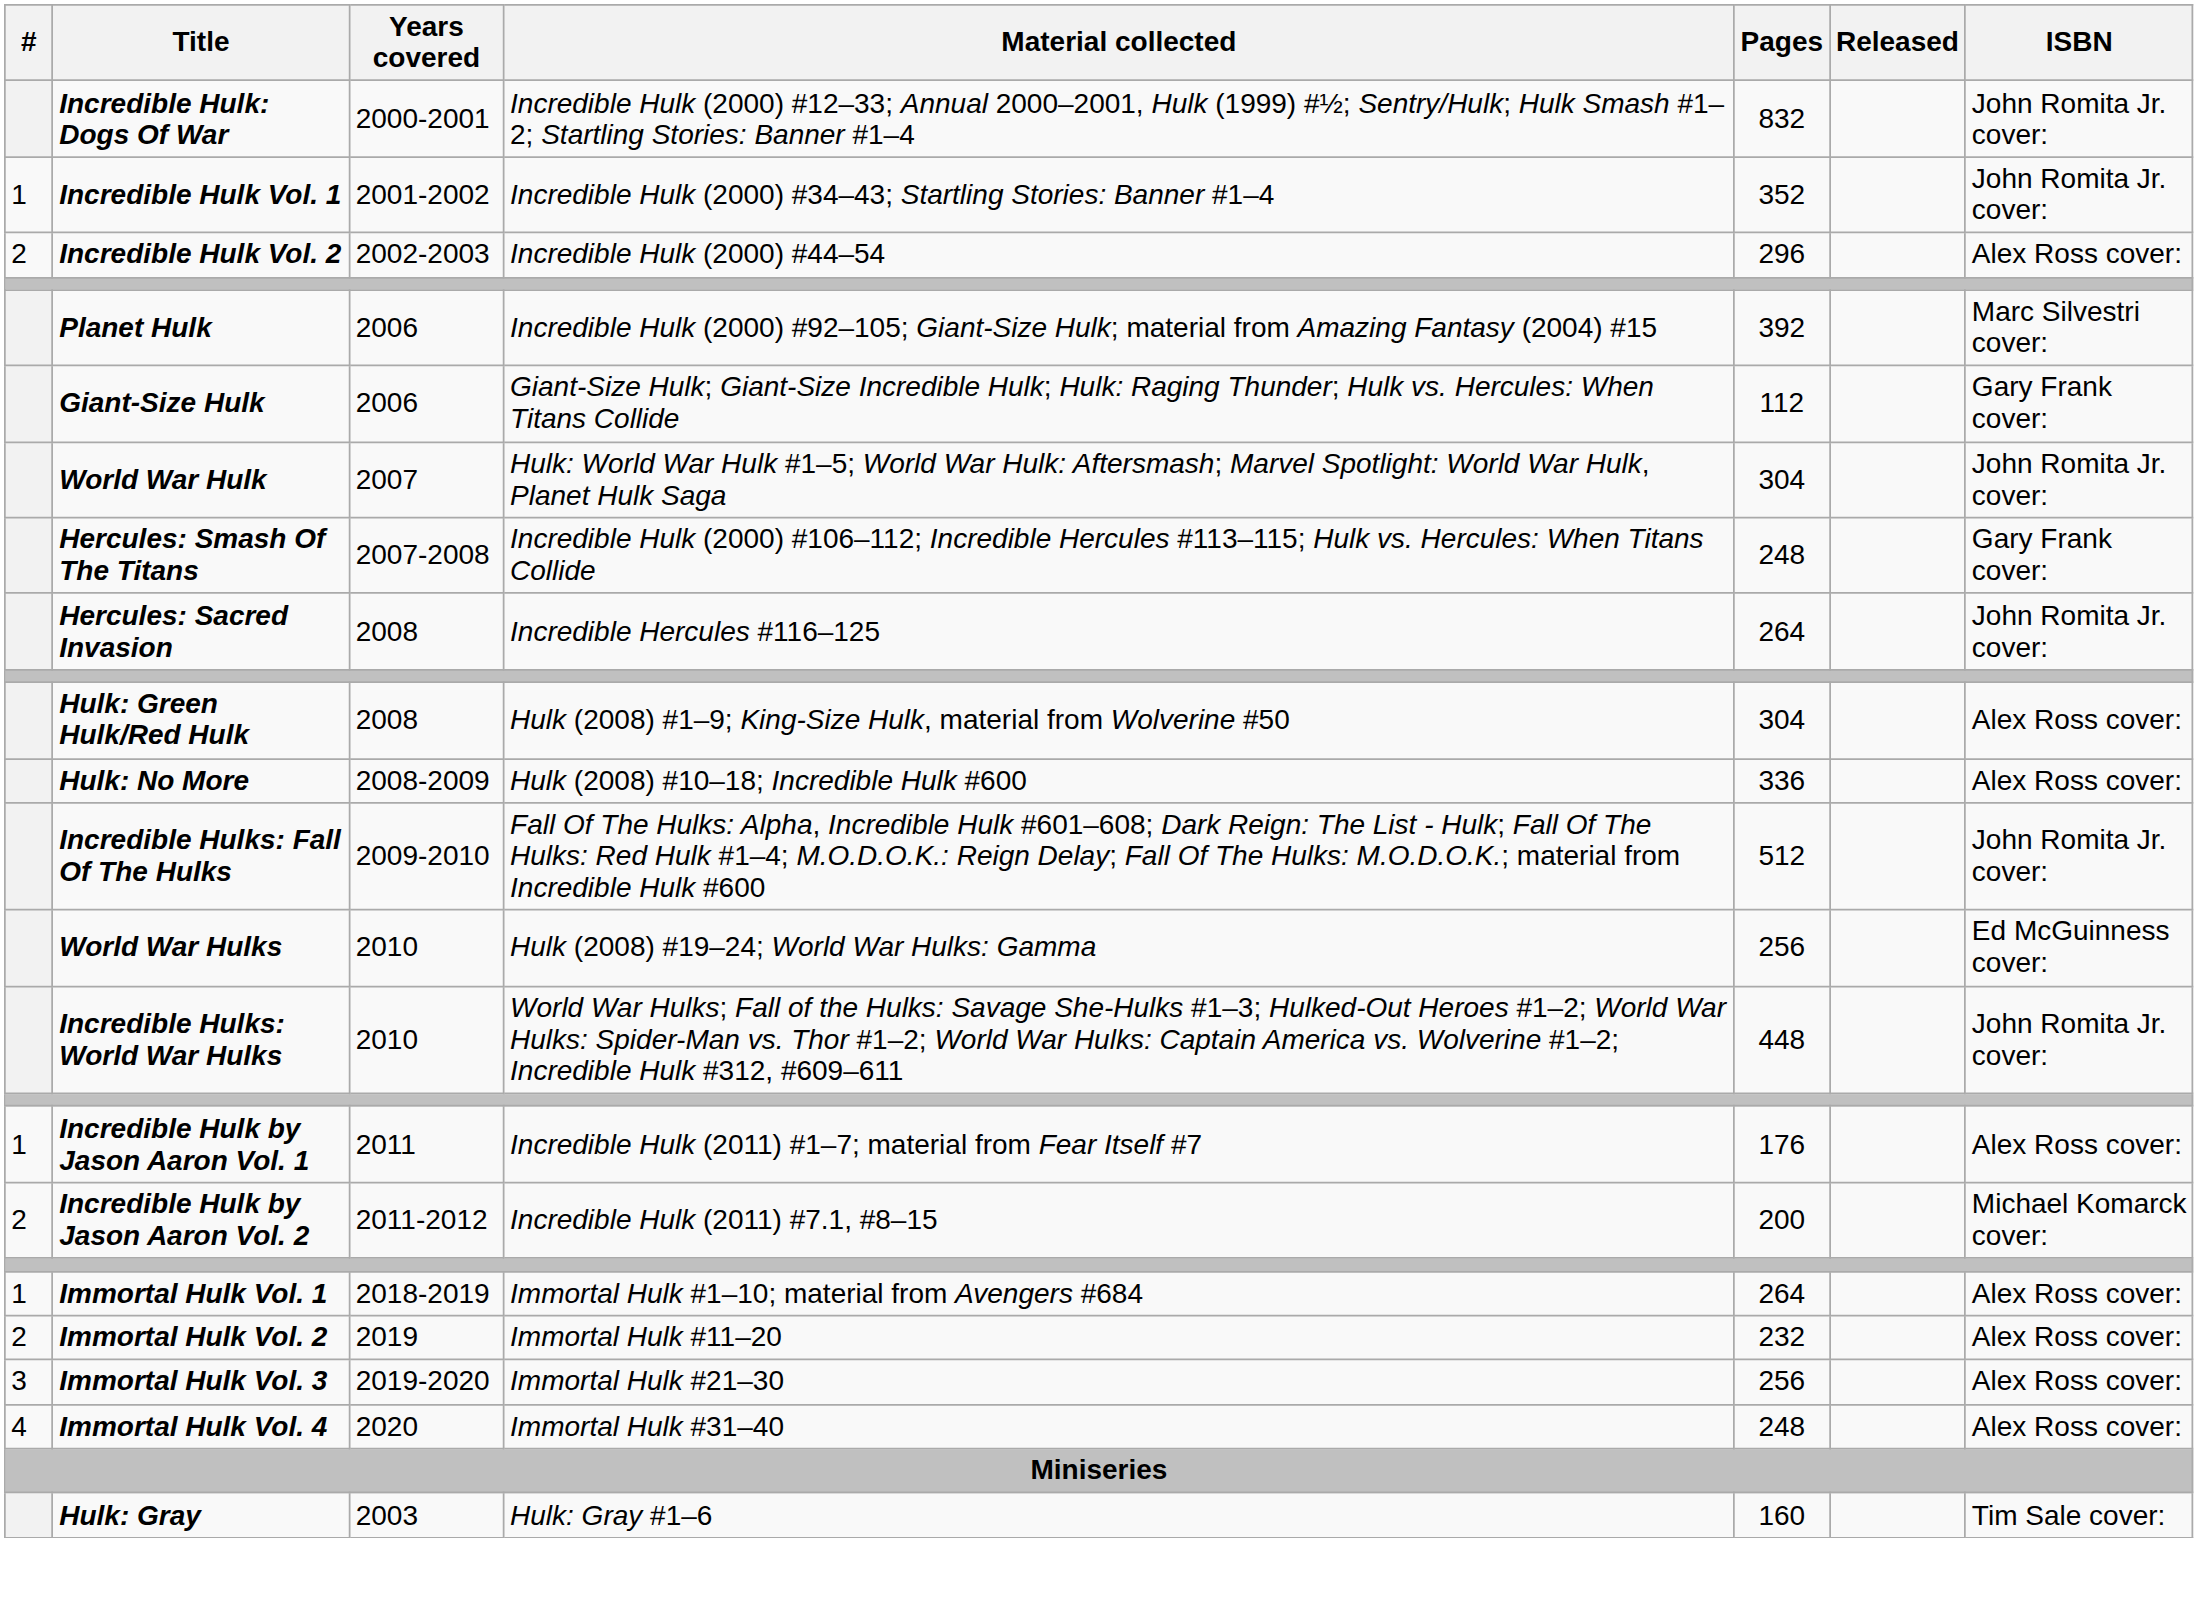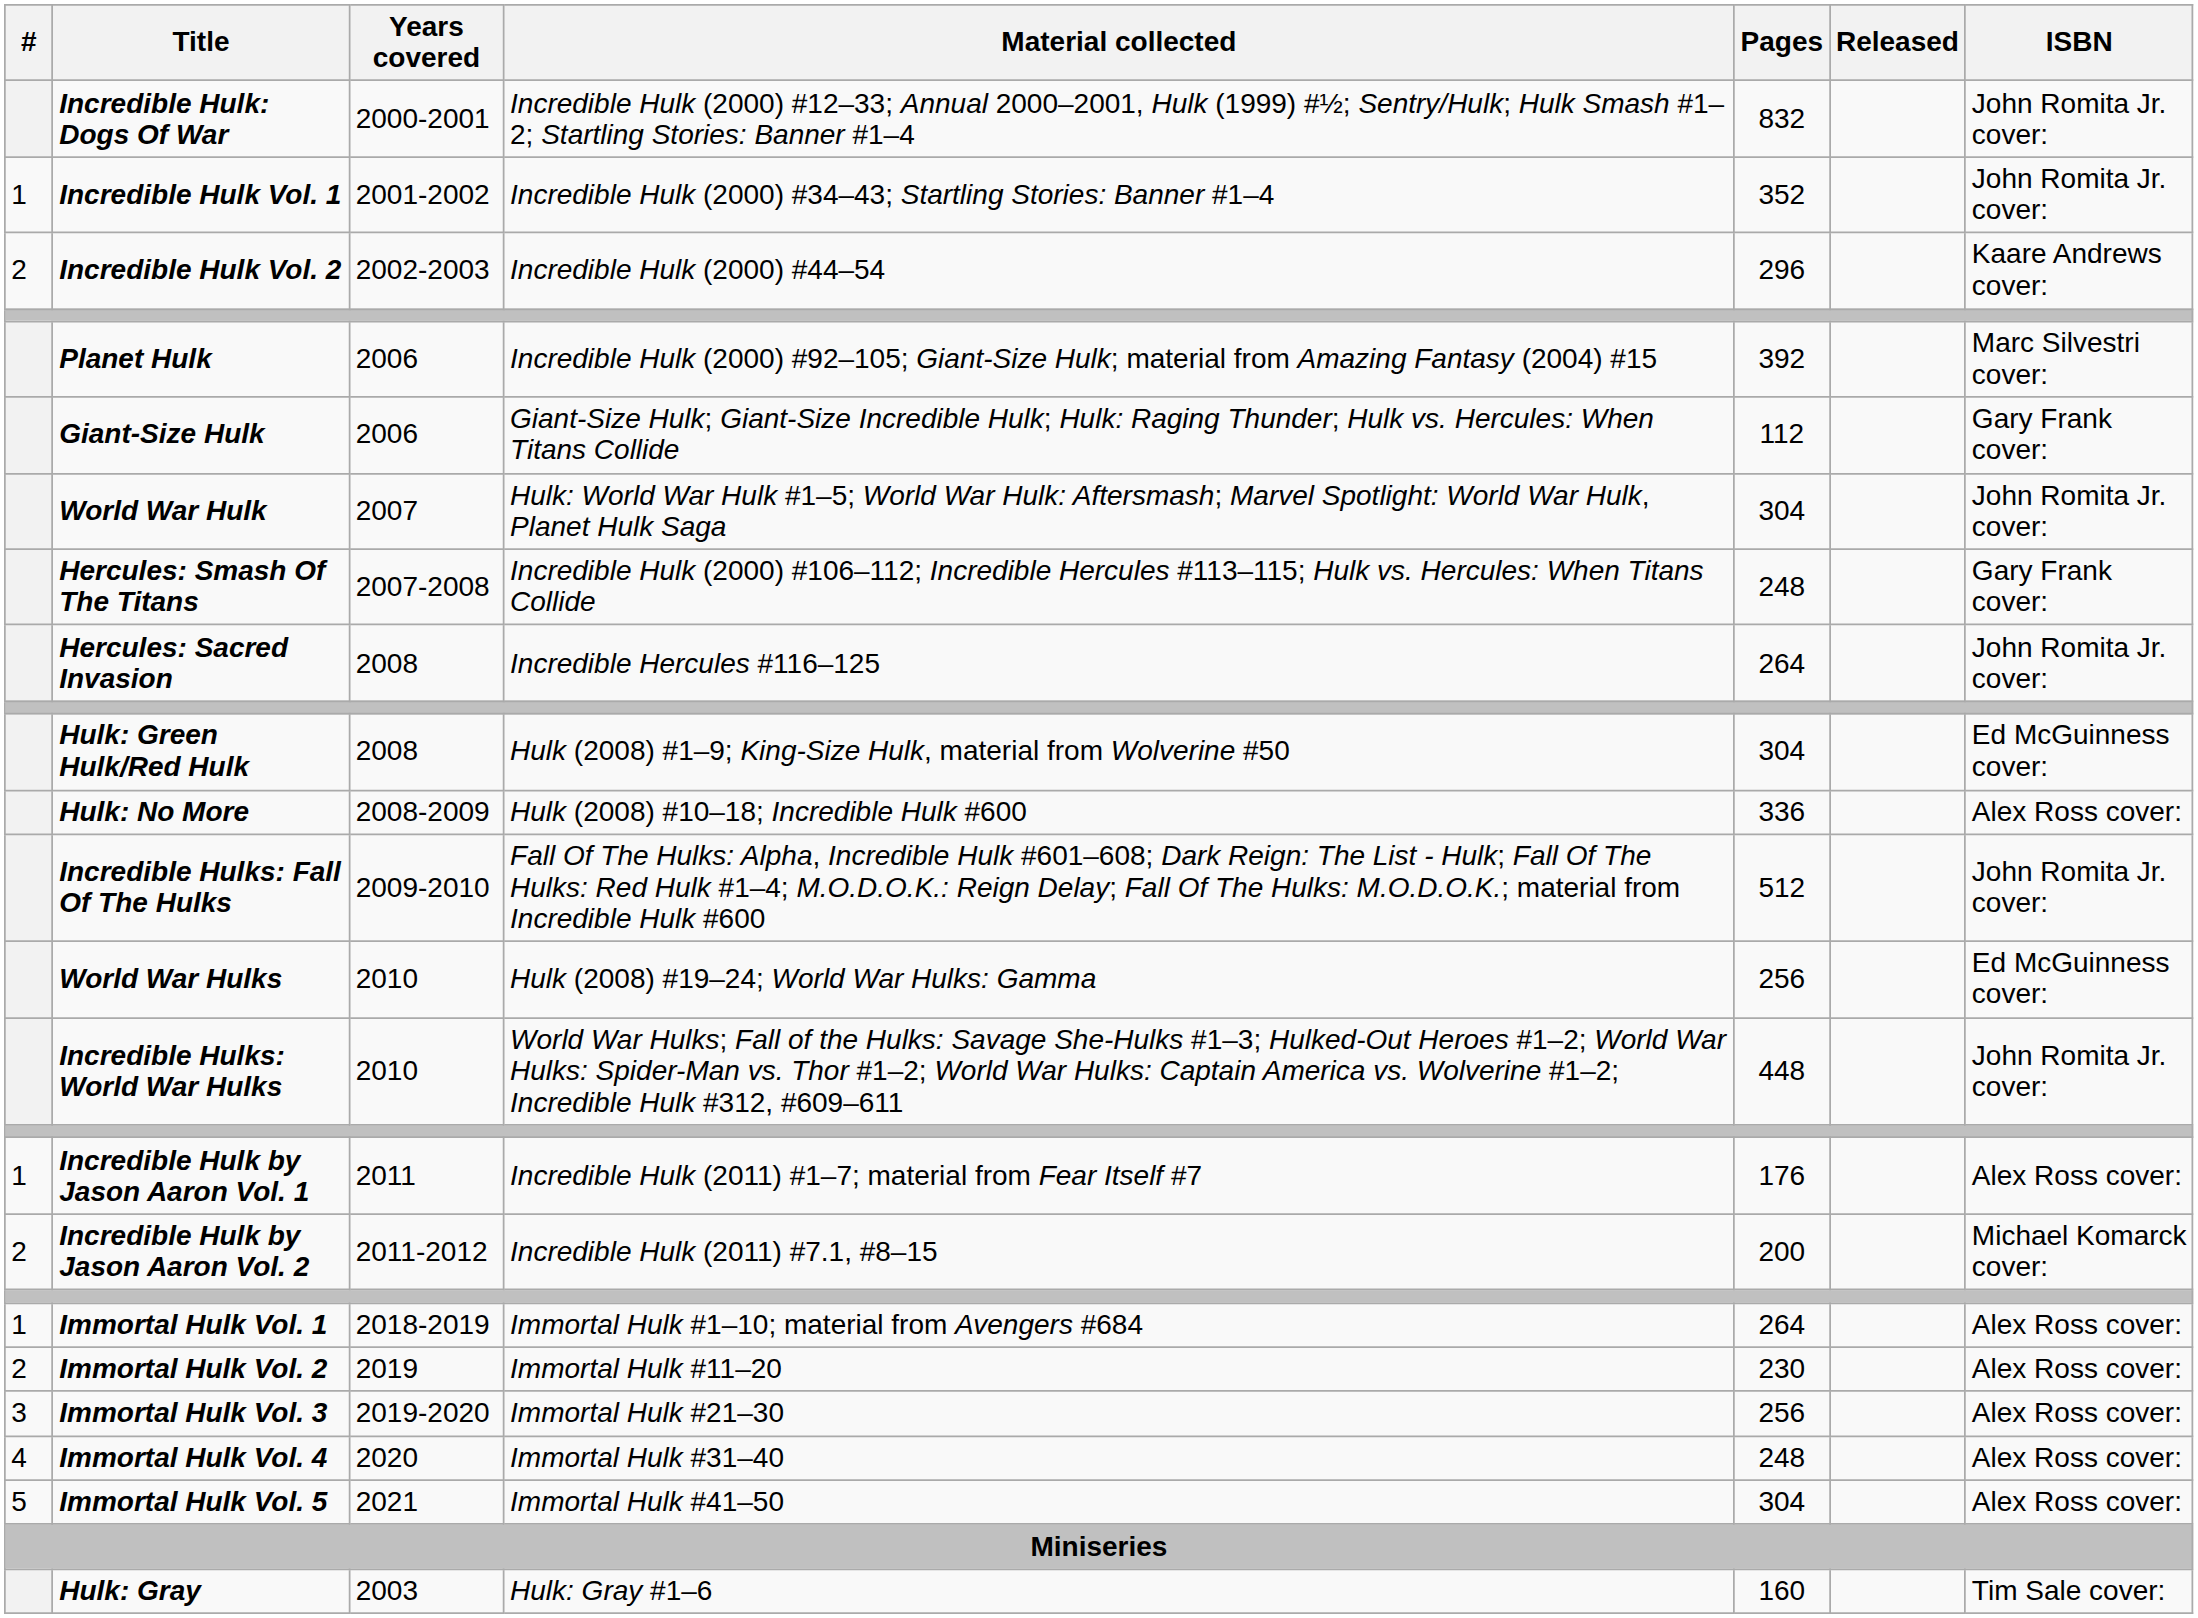 <table class="wikitable sortable" width=99%>
 <tr>
 <th class="unsortable" width=20px>#</th>
 <th>Title</th>
 <th>Years covered</th>
 <th class="unsortable">Material collected</th>
 <th>Pages</th>
 <th>Released</th>
 <th class="unsortable">ISBN</th>
 </tr>
 <tr>
 <th style="background-color: light grey;"></th>
 <td><strong><em>Incredible Hulk: Dogs Of War</em></strong></td>
 <td>2000-2001</td>
 <td><em>Incredible Hulk</em> (2000) #12–33; <em>Annual</em> 2000–2001, <em>Hulk</em> (1999) #½; <em>Sentry/Hulk</em>; <em>Hulk Smash</em> #1–2; <em>Startling Stories: Banner</em> #1–4</td>
 <td style="text-align: center;">832</td>
 <td></td>
 <td>John Romita Jr. cover: </td>
 </tr>
 <tr>
 <td>1</td>
 <td><strong><em>Incredible Hulk Vol. 1</em></strong></td>
 <td>2001-2002</td>
 <td><em>Incredible Hulk</em> (2000) #34–43; <em>Startling Stories: Banner</em> #1–4</td>
 <td style="text-align: center;">352</td>
 <td></td>
 <td>John Romita Jr. cover: </td>
 </tr>
 <tr>
 <td>2</td>
 <td><strong><em>Incredible Hulk Vol. 2</em></strong></td>
 <td>2002-2003</td>
 <td><em>Incredible Hulk</em> (2000) #44–54</td>
 <td style="text-align: center;">296</td>
 <td></td>
-<td>Alex Ross cover: </td>
+<td>Kaare Andrews cover: </td>
 </tr>
 <tr>
 <th colspan=7 style="background-color: silver;"></th>
 </tr>
 <tr>
 <th style="background-color: light grey;"></th>
 <td><strong><em>Planet Hulk</em></strong></td>
 <td>2006</td>
 <td><em>Incredible Hulk</em> (2000) #92–105; <em>Giant-Size Hulk</em>; material from <em>Amazing Fantasy</em> (2004) #15</td>
 <td style="text-align: center;">392</td>
 <td></td>
 <td>Marc Silvestri cover: </td>
 </tr>
 <tr>
 <th style="background-color: light grey;"></th>
 <td><strong><em>Giant-Size Hulk</em></strong></td>
 <td>2006</td>
 <td><em>Giant-Size Hulk</em>; <em>Giant-Size Incredible Hulk</em>; <em>Hulk: Raging Thunder</em>; <em>Hulk vs. Hercules: When Titans Collide</em></td>
 <td style="text-align: center;">112</td>
 <td></td>
 <td>Gary Frank cover: </td>
 </tr>
 <tr>
 <th style="background-color: light grey;"></th>
 <td><strong><em>World War Hulk</em></strong></td>
 <td>2007</td>
 <td><em>Hulk: World War Hulk</em> #1–5; <em>World War Hulk: Aftersmash</em>; <em>Marvel Spotlight: World War Hulk</em>, <em>Planet Hulk Saga</em></td>
 <td style="text-align: center;">304</td>
 <td></td>
 <td>John Romita Jr. cover: </td>
 </tr>
 <tr>
 <th style="background-color: light grey;"></th>
 <td><strong><em>Hercules: Smash Of The Titans</em></strong></td>
 <td>2007-2008</td>
 <td><em>Incredible Hulk</em> (2000) #106–112; <em>Incredible Hercules</em> #113–115; <em>Hulk vs. Hercules: When Titans Collide</em></td>
 <td style="text-align: center;">248</td>
 <td></td>
 <td>Gary Frank cover: </td>
 </tr>
 <tr>
 <th style="background-color: light grey;"></th>
 <td><strong><em>Hercules: Sacred Invasion</em></strong></td>
 <td>2008</td>
 <td><em>Incredible Hercules</em> #116–125</td>
 <td style="text-align: center;">264</td>
 <td></td>
 <td>John Romita Jr. cover: </td>
 </tr>
 <tr>
 <th colspan=7 style="background-color: silver;"></th>
 </tr>
 <tr>
 <th style="background-color: light grey;"></th>
 <td><strong><em>Hulk: Green Hulk/Red Hulk</em></strong></td>
 <td>2008</td>
 <td><em>Hulk</em> (2008) #1–9; <em>King-Size Hulk</em>, material from <em>Wolverine</em> #50</td>
 <td style="text-align: center;">304</td>
 <td></td>
-<td>Alex Ross cover: </td>
+<td>Ed McGuinness cover: </td>
 </tr>
 <tr>
 <th style="background-color: light grey;"></th>
 <td><strong><em>Hulk: No More</em></strong></td>
 <td>2008-2009</td>
 <td><em>Hulk</em> (2008) #10–18; <em>Incredible Hulk</em> #600</td>
 <td style="text-align: center;">336</td>
 <td></td>
 <td>Alex Ross cover: </td>
 </tr>
 <tr>
 <th style="background-color: light grey;"></th>
 <td><strong><em>Incredible Hulks: Fall Of The Hulks</em></strong></td>
 <td>2009-2010</td>
 <td><em>Fall Of The Hulks: Alpha</em>, <em>Incredible Hulk</em> #601–608; <em>Dark Reign: The List - Hulk</em>; <em>Fall Of The Hulks: Red Hulk</em> #1–4; <em>M.O.D.O.K.: Reign Delay</em>; <em>Fall Of The Hulks: M.O.D.O.K.</em>; material from <em>Incredible Hulk</em> #600</td>
 <td style="text-align: center;">512</td>
 <td></td>
 <td>John Romita Jr. cover: </td>
 </tr>
 <tr>
 <th style="background-color: light grey;"></th>
 <td><strong><em>World War Hulks</em></strong></td>
 <td>2010</td>
 <td><em>Hulk</em> (2008) #19–24; <em>World War Hulks: Gamma</em></td>
 <td style="text-align: center;">256</td>
 <td></td>
 <td>Ed McGuinness cover: </td>
 </tr>
 <tr>
 <th style="background-color: light grey;"></th>
 <td><strong><em>Incredible Hulks: World War Hulks</em></strong></td>
 <td>2010</td>
 <td><em>World War Hulks</em>; <em>Fall of the Hulks: Savage She-Hulks</em> #1–3; <em>Hulked-Out Heroes</em> #1–2; <em>World War Hulks: Spider-Man vs. Thor</em> #1–2; <em>World War Hulks: Captain America vs. Wolverine</em> #1–2; <em>Incredible Hulk</em> #312, #609–611</td>
 <td style="text-align: center;">448</td>
 <td></td>
 <td>John Romita Jr. cover: </td>
 </tr>
 <tr>
 <th colspan=7 style="background-color: silver;"></th>
 </tr>
 <tr>
 <td>1</td>
 <td><strong><em>Incredible Hulk by Jason Aaron Vol. 1</em></strong></td>
 <td>2011</td>
 <td><em>Incredible Hulk</em> (2011) #1–7; material from <em>Fear Itself</em> #7</td>
 <td style="text-align: center;">176</td>
 <td></td>
 <td>Alex Ross cover: </td>
 </tr>
 <tr>
 <td>2</td>
 <td><strong><em>Incredible Hulk by Jason Aaron Vol. 2</em></strong></td>
 <td>2011-2012</td>
 <td><em>Incredible Hulk</em> (2011) #7.1, #8–15</td>
 <td style="text-align: center;">200</td>
 <td></td>
 <td>Michael Komarck cover: </td>
 </tr>
 <tr>
 <th colspan=7 style="background-color: silver;"></th>
 </tr>
 <tr>
 <td>1</td>
 <td><strong><em>Immortal Hulk Vol. 1</em></strong></td>
 <td>2018-2019</td>
 <td><em>Immortal Hulk</em> #1–10; material from <em>Avengers</em> #684</td>
 <td style="text-align: center;">264</td>
 <td></td>
 <td>Alex Ross cover: </td>
 </tr>
 <tr>
 <td>2</td>
 <td><strong><em>Immortal Hulk Vol. 2</em></strong></td>
 <td>2019</td>
 <td><em>Immortal Hulk</em> #11–20</td>
-<td style="text-align: center;">232</td>
+<td style="text-align: center;">230</td>
 <td></td>
 <td>Alex Ross cover: </td>
 </tr>
 <tr>
 <td>3</td>
 <td><strong><em>Immortal Hulk Vol. 3</em></strong></td>
 <td>2019-2020</td>
 <td><em>Immortal Hulk</em> #21–30</td>
 <td style="text-align: center;">256</td>
 <td></td>
 <td>Alex Ross cover: </td>
 </tr>
 <tr>
 <td>4</td>
 <td><strong><em>Immortal Hulk Vol. 4</em></strong></td>
 <td>2020</td>
 <td><em>Immortal Hulk</em> #31–40</td>
 <td style="text-align: center;">248</td>
 <td></td>
 <td>Alex Ross cover: </td>
 </tr>
 <tr>
+<td>5</td>
+<td><strong><em>Immortal Hulk Vol. 5</em></strong></td>
+<td>2021</td>
+<td><em>Immortal Hulk</em> #41–50</td>
+<td style="text-align: center;">304</td>
+<td></td>
+<td>Alex Ross cover: </td>
+</tr>
+<tr>
 <th colspan=7 style="background-color: silver;">Miniseries</th>
 </tr>
 <tr>
 <th style="background-color: light grey;"></th>
 <td><strong><em>Hulk: Gray</em></strong></td>
 <td>2003</td>
 <td><em>Hulk: Gray</em> #1–6</td>
 <td style="text-align: center;">160</td>
 <td></td>
 <td>Tim Sale cover: </td>
 </tr>
 </table>
